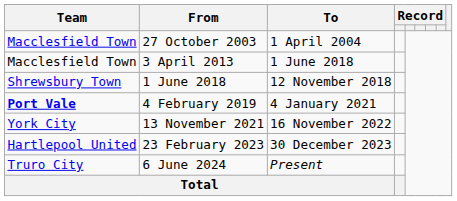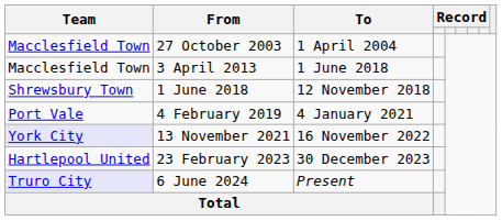 <table class="wikitable" style="text-align: center;">
 <tr>
 <th rowspan="2">Team</th>
 <th rowspan="2">From</th>
 <th rowspan="2">To</th>
 <th colspan="5">Record</th>
 <th rowspan="2"></th>
 </tr>
 <tr>
 <th></th>
 <th></th>
 <th></th>
 <th></th>
 <th></th>
 </tr>
 <tr>
 <td align="left"><a href='#'>Macclesfield Town</a></td>
 <td align="left">27 October 2003</td>
 <td align="left">1 April 2004<br></td>
 <td></td>
 </tr>
 <tr>
 <td align="left">Macclesfield Town</td>
 <td align="left">3 April 2013</td>
 <td align="left">1 June 2018<br></td>
 <td></td>
 </tr>
 <tr>
 <td align=left><a href='#'>Shrewsbury Town</a></td>
 <td align=left>1 June 2018</td>
 <td align=left>12 November 2018<br></td>
 <td></td>
 </tr>
 <tr>
-<td align="left"><strong><a href='#'>Port Vale</a></strong></td>
+<td align="left"><a href='#'>Port Vale</a></td>
 <td align="left">4 February 2019</td>
 <td align="left">4 January 2021<br></td>
 <td></td>
 </tr>
 <tr>
-<td align="left"><a href='#'>York City</a></td>
+<td align="left" style="background: lavender;"><a href='#'>York City</a></td>
 <td align="left">13 November 2021</td>
 <td align="left">16 November 2022<br></td>
 <td></td>
 </tr>
 <tr>
 <td align="left"><a href='#'>Hartlepool United</a></td>
 <td align="left">23 February 2023</td>
 <td align="left">30 December 2023<br></td>
 <td></td>
 </tr>
 <tr>
-<td align="left"><a href='#'>Truro City</a></td>
+<td align="left" style="background: lavender;"><a href='#'>Truro City</a></td>
 <td align="left">6 June 2024</td>
 <td align="left"><em>Present</em><br></td>
 <td></td>
 </tr>
 <tr>
 <th colspan="3">Total<br></th>
 <th></th>
 </tr>
 </table>
